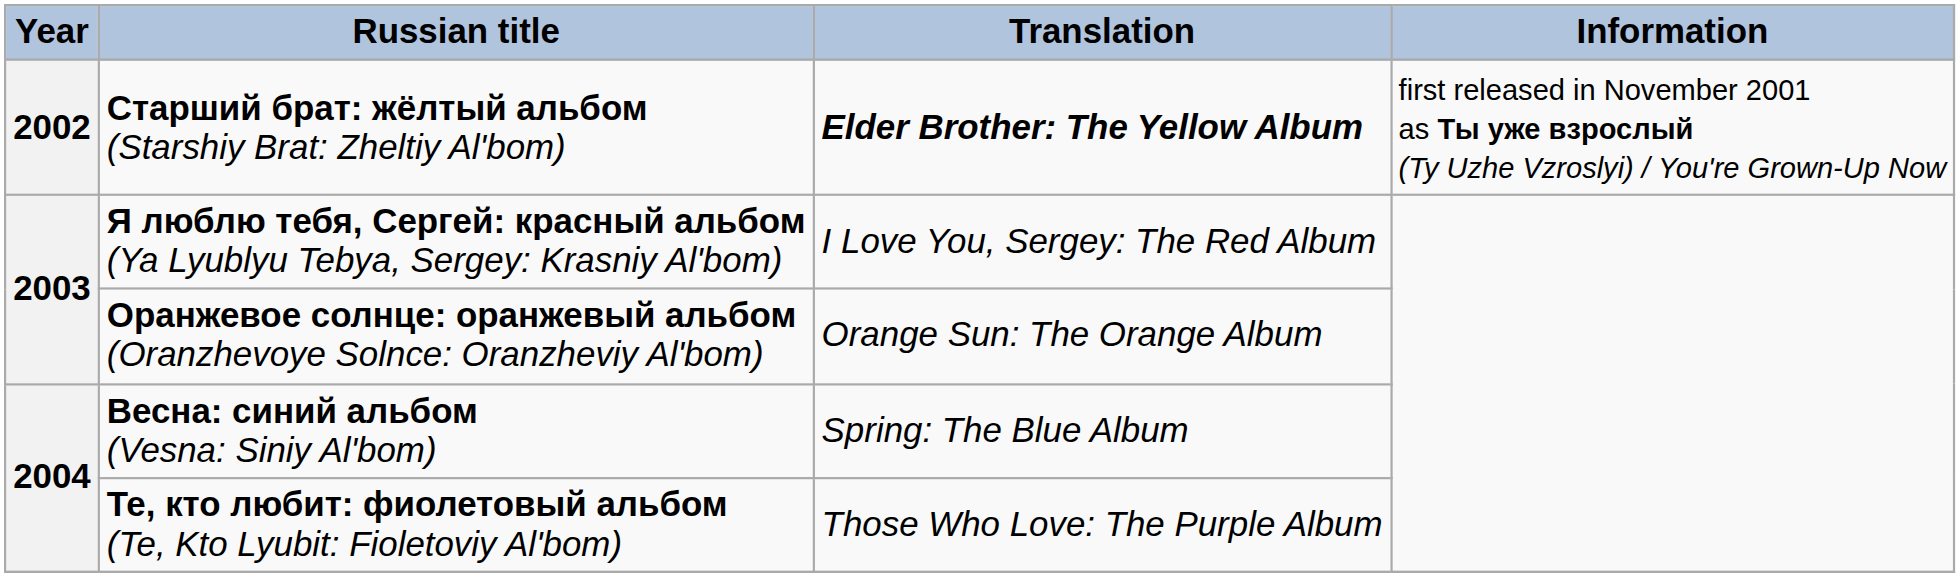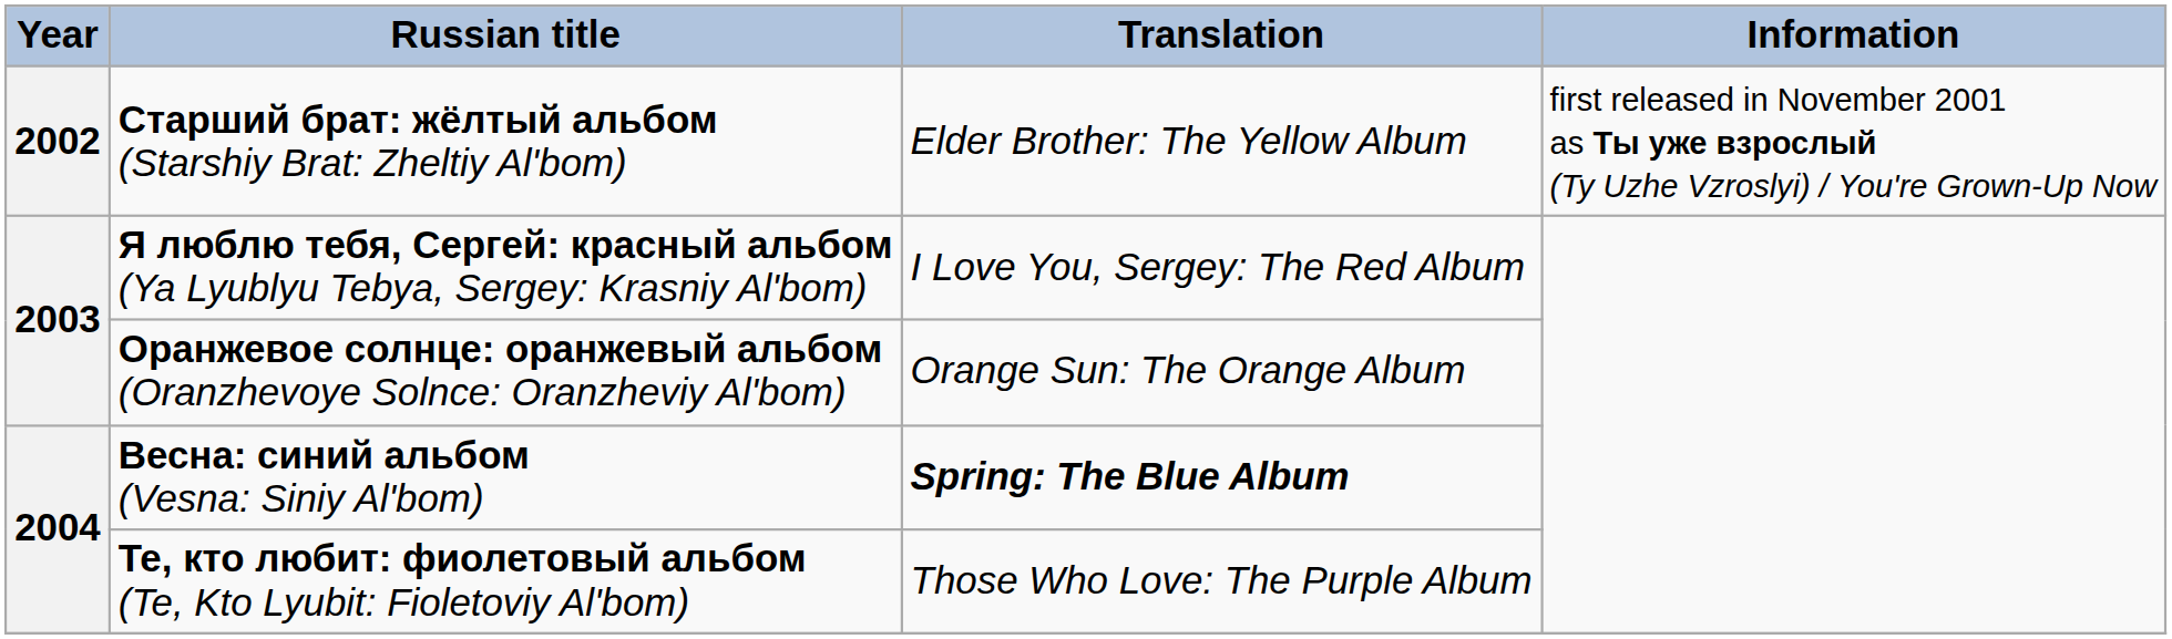 <table class="wikitable">
 <tr>
 <th style="background:#B0C4DE;">Year</th>
 <th style="background:#B0C4DE;">Russian title</th>
 <th style="background:#B0C4DE;">Translation</th>
 <th style="background:#B0C4DE;">Information</th>
 </tr>
 <tr>
 <th>2002</th>
 <td><strong>Старший брат: жёлтый альбом</strong><br><em>(Starshiy Brat: Zheltiy Al'bom)</em></td>
-<td><strong><em>Elder Brother: The Yellow Album</em></strong></td>
+<td><em>Elder Brother: The Yellow Album</em></td>
 <td><small>first released in November 2001<br>as <strong>Ты уже взрослый</strong><br><em>(Ty Uzhe Vzroslyi) / You're Grown-Up Now</em></small></td>
 </tr>
 <tr>
 <th rowspan=2>2003</th>
 <td><strong>Я люблю тебя, Сергей: красный альбом</strong><br><em>(Ya Lyublyu Tebya, Sergey: Krasniy Al'bom)</em></td>
 <td><em>I Love You, Sergey: The Red Album</em></td>
 <td rowspan=4></td>
 </tr>
 <tr>
 <td><strong>Оранжевое солнце: оранжевый альбом</strong><br><em>(Oranzhevoye Solnce: Oranzheviy Al'bom)</em></td>
 <td><em>Orange Sun: The Orange Album</em></td>
 </tr>
 <tr>
 <th rowspan=2>2004</th>
 <td><strong>Весна: синий альбом</strong><br><em>(Vesna: Siniy Al'bom)</em></td>
-<td><em>Spring: The Blue Album</em></td>
+<td><strong><em>Spring: The Blue Album</em></strong></td>
 </tr>
 <tr>
 <td><strong>Те, кто любит: фиолетовый альбом</strong><br><em>(Te, Kto Lyubit: Fioletoviy Al'bom)</em></td>
 <td><em>Those Who Love: The Purple Album</em></td>
 </tr>
 <tr>
 </tr>
 </table>
